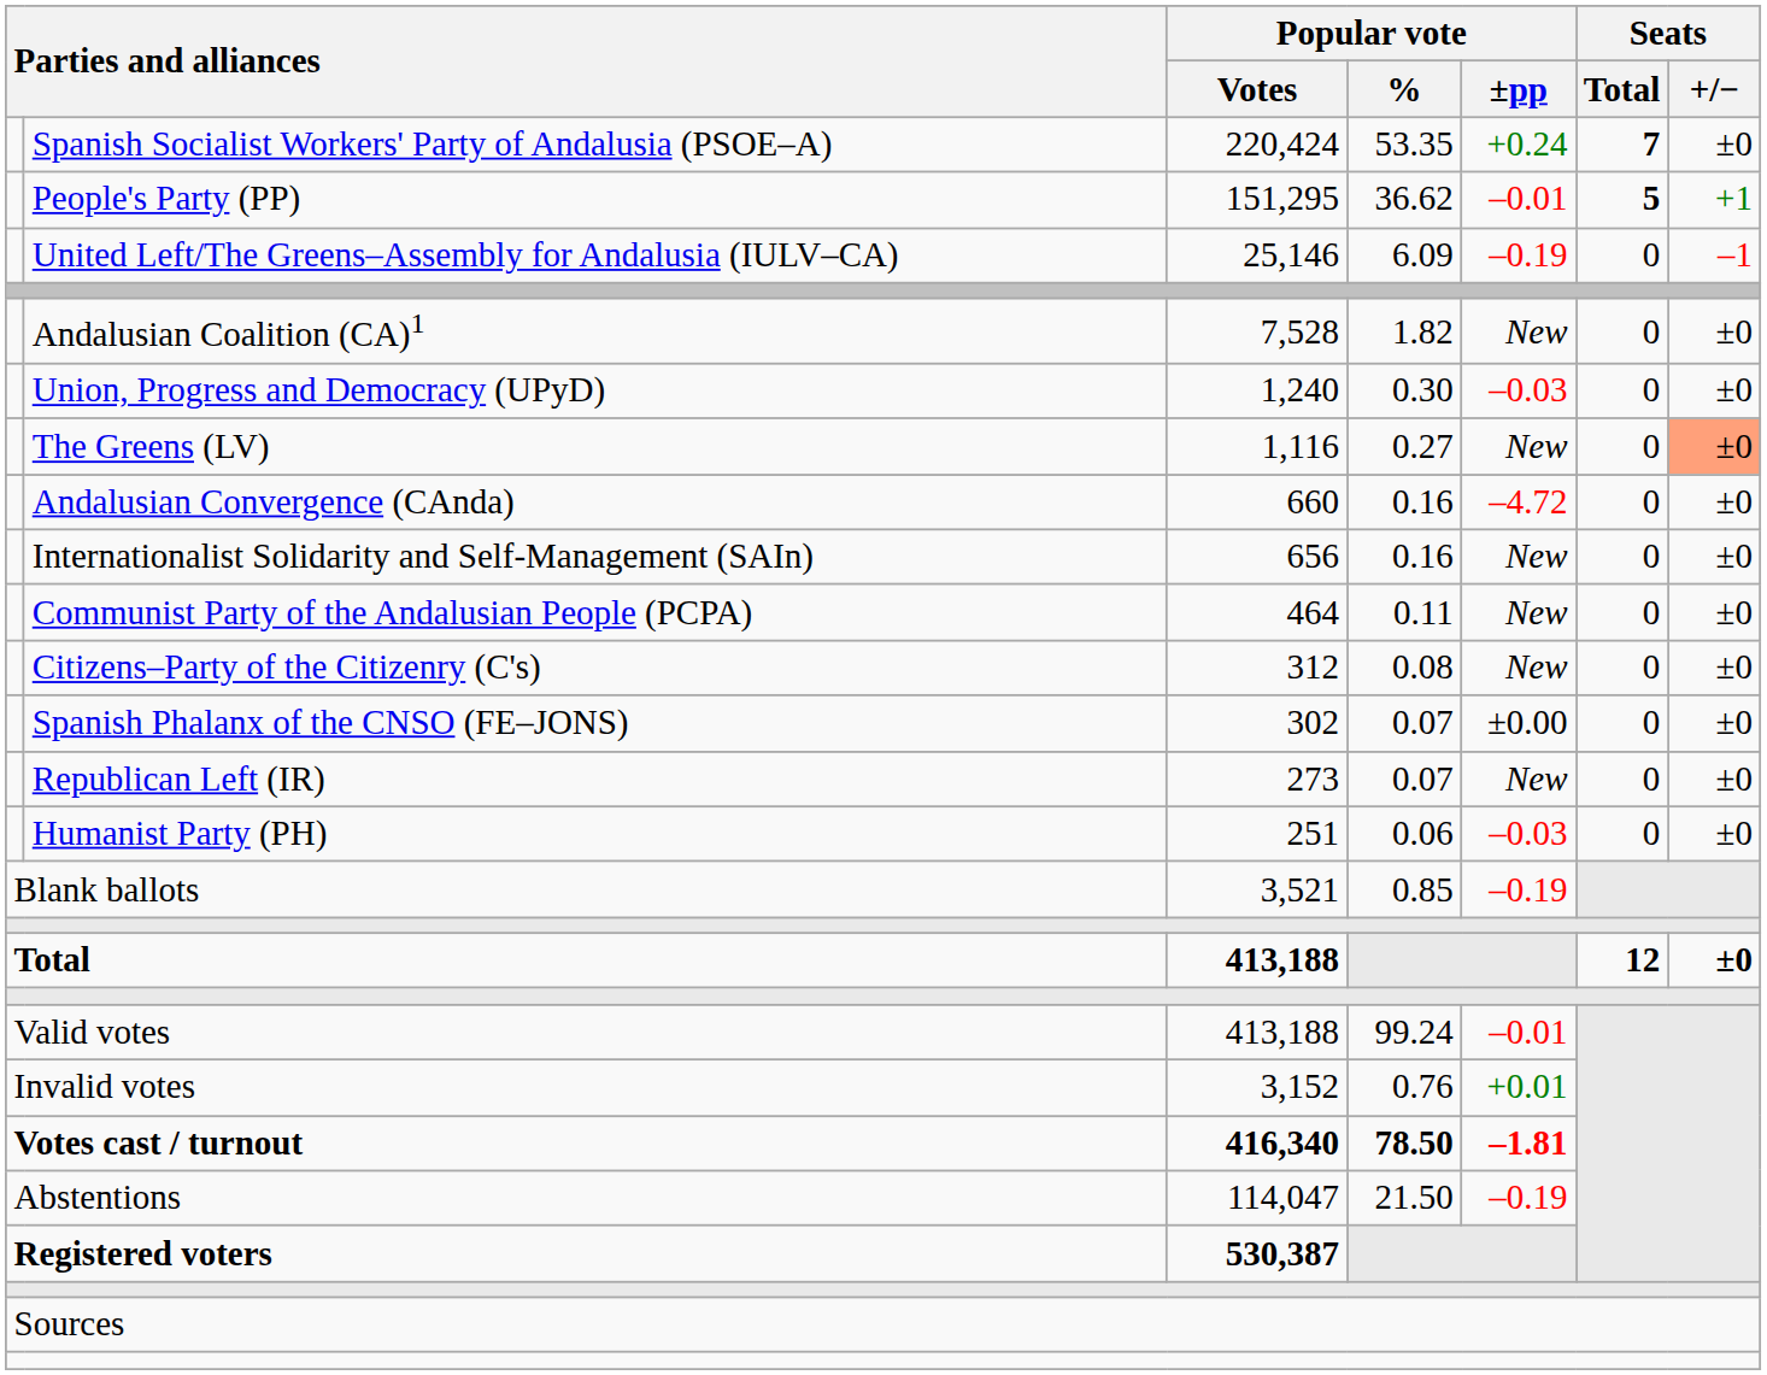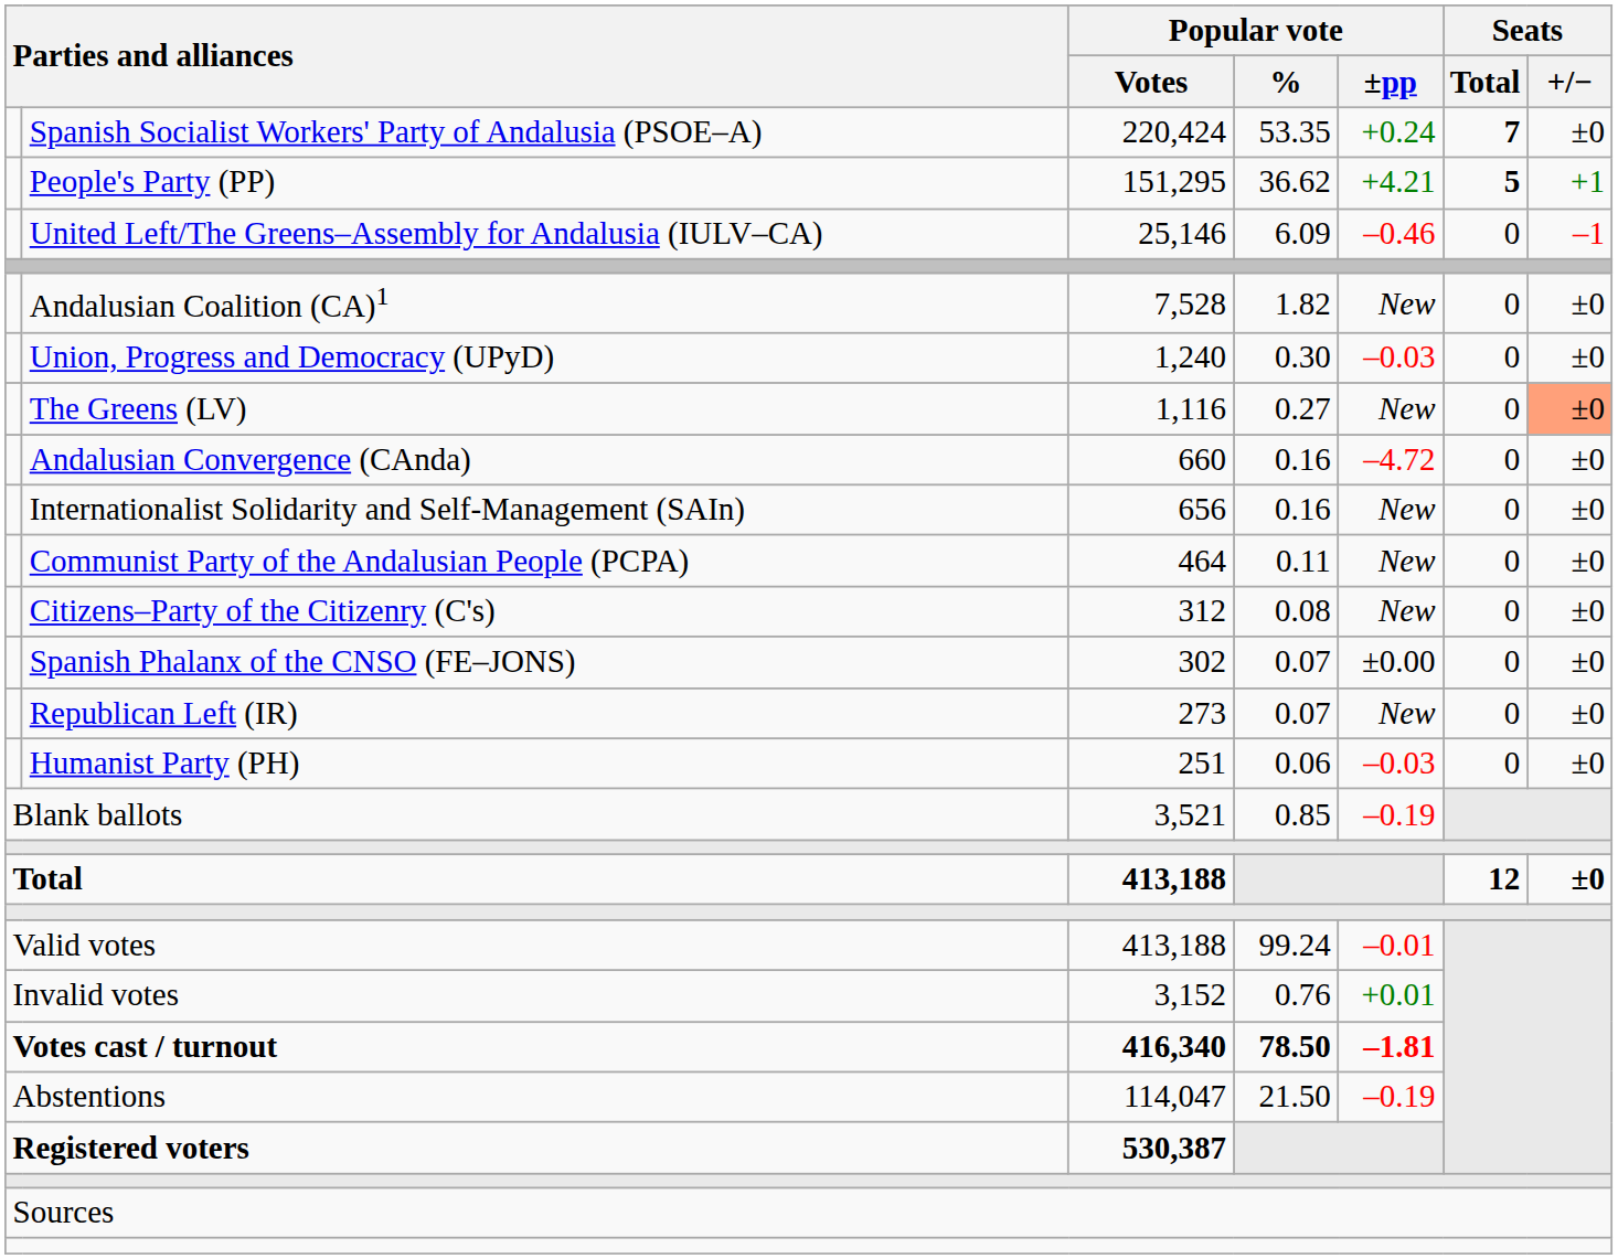 <table class="wikitable" style="text-align:right;">
 <tr>
 <th style="text-align:left;" rowspan="2" colspan="2" width="525">Parties and alliances</th>
 <th colspan="3">Popular vote</th>
 <th colspan="2">Seats</th>
 </tr>
 <tr>
 <th width="75">Votes</th>
 <th width="45">%</th>
 <th width="45">±<a href='#'>pp</a></th>
 <th width="35">Total</th>
 <th width="35">+/−</th>
 </tr>
 <tr>
 <td width="1" style="color:inherit;background:"></td>
 <td align="left"><a href='#'>Spanish Socialist Workers' Party of Andalusia</a> (PSOE–A)</td>
 <td>220,424</td>
 <td>53.35</td>
 <td style="color:green;">+0.24</td>
 <td><strong>7</strong></td>
 <td>±0</td>
 </tr>
 <tr>
 <td style="color:inherit;background:"></td>
 <td align="left"><a href='#'>People's Party</a> (PP)</td>
 <td>151,295</td>
 <td>36.62</td>
-<td style="color:red;">–0.01</td>
+<td style="color:green;">+4.21</td>
 <td><strong>5</strong></td>
 <td style="color:green;">+1</td>
 </tr>
 <tr>
 <td style="color:inherit;background:"></td>
 <td align="left"><a href='#'>United Left/The Greens–Assembly for Andalusia</a> (IULV–CA)</td>
 <td>25,146</td>
 <td>6.09</td>
-<td style="color:red;">–0.19</td>
+<td style="color:red;">–0.46</td>
 <td>0</td>
 <td style="color:red;">–1</td>
 </tr>
 <tr>
 <td colspan="7" bgcolor="#C0C0C0"></td>
 </tr>
 <tr>
 <td style="color:inherit;background:"></td>
 <td align="left">Andalusian Coalition (CA)<sup>1</sup></td>
 <td>7,528</td>
 <td>1.82</td>
 <td><em>New</em></td>
 <td>0</td>
 <td>±0</td>
 </tr>
 <tr>
 <td style="color:inherit;background:"></td>
 <td align="left"><a href='#'>Union, Progress and Democracy</a> (UPyD)</td>
 <td>1,240</td>
 <td>0.30</td>
 <td style="color:red;">–0.03</td>
 <td>0</td>
 <td>±0</td>
 </tr>
 <tr>
 <td style="color:inherit;background:"></td>
 <td align="left"><a href='#'>The Greens</a> (LV)</td>
 <td>1,116</td>
 <td>0.27</td>
 <td><em>New</em></td>
 <td>0</td>
 <td style="background: lightsalmon;">±0</td>
 </tr>
 <tr>
 <td style="color:inherit;background:"></td>
 <td align="left"><a href='#'>Andalusian Convergence</a> (CAnda)</td>
 <td>660</td>
 <td>0.16</td>
 <td style="color:red;">–4.72</td>
 <td>0</td>
 <td>±0</td>
 </tr>
 <tr>
 <td style="color:inherit;background:"></td>
 <td align="left">Internationalist Solidarity and Self-Management (SAIn)</td>
 <td>656</td>
 <td>0.16</td>
 <td><em>New</em></td>
 <td>0</td>
 <td>±0</td>
 </tr>
 <tr>
 <td style="color:inherit;background:"></td>
 <td align="left"><a href='#'>Communist Party of the Andalusian People</a> (PCPA)</td>
 <td>464</td>
 <td>0.11</td>
 <td><em>New</em></td>
 <td>0</td>
 <td>±0</td>
 </tr>
 <tr>
 <td style="color:inherit;background:"></td>
 <td align="left"><a href='#'>Citizens–Party of the Citizenry</a> (C's)</td>
 <td>312</td>
 <td>0.08</td>
 <td><em>New</em></td>
 <td>0</td>
 <td>±0</td>
 </tr>
 <tr>
 <td style="color:inherit;background:"></td>
 <td align="left"><a href='#'>Spanish Phalanx of the CNSO</a> (FE–JONS)</td>
 <td>302</td>
 <td>0.07</td>
 <td>±0.00</td>
 <td>0</td>
 <td>±0</td>
 </tr>
 <tr>
 <td style="color:inherit;background:"></td>
 <td align="left"><a href='#'>Republican Left</a> (IR)</td>
 <td>273</td>
 <td>0.07</td>
 <td><em>New</em></td>
 <td>0</td>
 <td>±0</td>
 </tr>
 <tr>
 <td style="color:inherit;background:"></td>
 <td align="left"><a href='#'>Humanist Party</a> (PH)</td>
 <td>251</td>
 <td>0.06</td>
 <td style="color:red;">–0.03</td>
 <td>0</td>
 <td>±0</td>
 </tr>
 <tr>
 <td align="left" colspan="2">Blank ballots</td>
 <td>3,521</td>
 <td>0.85</td>
 <td style="color:red;">–0.19</td>
 <td bgcolor="#E9E9E9" colspan="2"></td>
 </tr>
 <tr>
 <td colspan="7" bgcolor="#E9E9E9"></td>
 </tr>
 <tr style="font-weight:bold;">
 <td align="left" colspan="2">Total</td>
 <td>413,188</td>
 <td bgcolor="#E9E9E9" colspan="2"></td>
 <td>12</td>
 <td>±0</td>
 </tr>
 <tr>
 <td colspan="7" bgcolor="#E9E9E9"></td>
 </tr>
 <tr>
 <td align="left" colspan="2">Valid votes</td>
 <td>413,188</td>
 <td>99.24</td>
 <td style="color:red;">–0.01</td>
 <td bgcolor="#E9E9E9" colspan="2" rowspan="5"></td>
 </tr>
 <tr>
 <td align="left" colspan="2">Invalid votes</td>
 <td>3,152</td>
 <td>0.76</td>
 <td style="color:green;">+0.01</td>
 </tr>
 <tr style="font-weight:bold;">
 <td align="left" colspan="2">Votes cast / turnout</td>
 <td>416,340</td>
 <td>78.50</td>
 <td style="color:red;">–1.81</td>
 </tr>
 <tr>
 <td align="left" colspan="2">Abstentions</td>
 <td>114,047</td>
 <td>21.50</td>
 <td style="color:red;">–0.19</td>
 </tr>
 <tr style="font-weight:bold;">
 <td align="left" colspan="2">Registered voters</td>
 <td>530,387</td>
 <td bgcolor="#E9E9E9" colspan="2"></td>
 </tr>
 <tr>
 <td colspan="7" bgcolor="#E9E9E9"></td>
 </tr>
 <tr>
 <td align="left" colspan="7">Sources</td>
 </tr>
 <tr>
 <td colspan="7" style="text-align:left; max-width:790px;"></td>
 </tr>
 </table>
